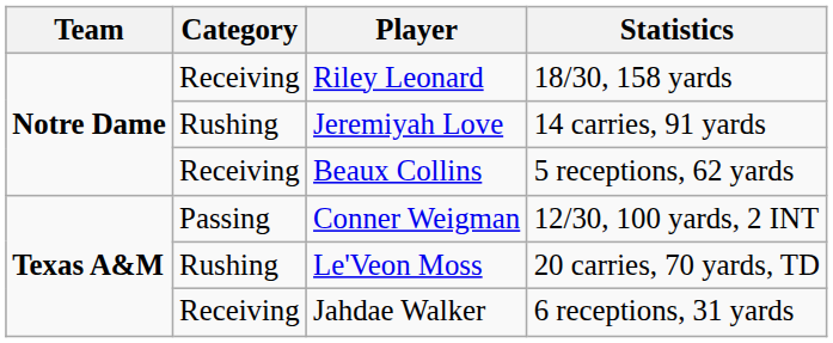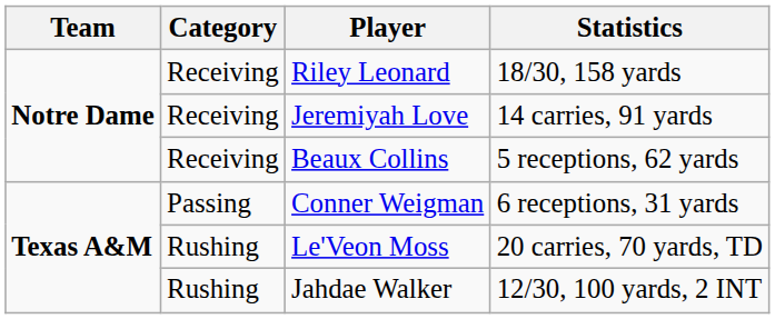 <table class="wikitable" style="float: right;">
 <tr>
 <th>Team</th>
 <th>Category</th>
 <th>Player</th>
 <th>Statistics</th>
 </tr>
 <tr>
 <td rowspan=3><strong>Notre Dame</strong></td>
 <td>Receiving</td>
 <td><a href='#'>Riley Leonard</a></td>
 <td>18/30, 158 yards</td>
 </tr>
 <tr>
-<td>Rushing</td>
+<td>Receiving</td>
 <td><a href='#'>Jeremiyah Love</a></td>
 <td>14 carries, 91 yards</td>
 </tr>
 <tr>
 <td>Receiving</td>
 <td><a href='#'>Beaux Collins</a></td>
 <td>5 receptions, 62 yards</td>
 </tr>
 <tr>
 <td rowspan=3><strong>Texas A&M</strong></td>
 <td>Passing</td>
 <td><a href='#'>Conner Weigman</a></td>
-<td>12/30, 100 yards, 2 INT</td>
+<td>6 receptions, 31 yards</td>
 </tr>
 <tr>
 <td>Rushing</td>
 <td><a href='#'>Le'Veon Moss</a></td>
 <td>20 carries, 70 yards, TD</td>
 </tr>
 <tr>
-<td>Receiving</td>
+<td>Rushing</td>
 <td>Jahdae Walker</td>
-<td>6 receptions, 31 yards</td>
+<td>12/30, 100 yards, 2 INT</td>
 </tr>
 </table>
